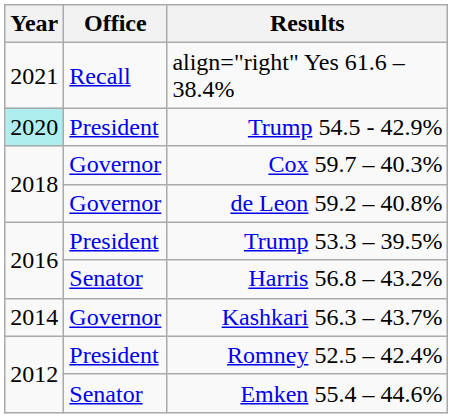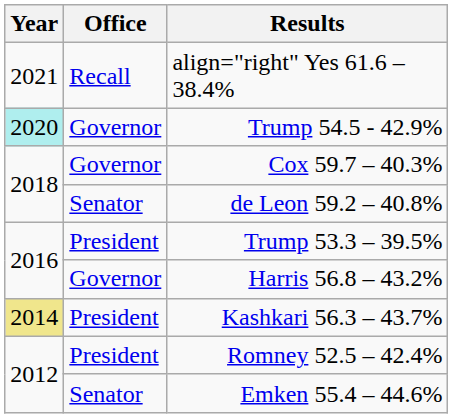 <table class=wikitable>
 <tr>
 <th width="30">Year</th>
 <th width="60">Office</th>
 <th width="180">Results</th>
 </tr>
 <tr>
 <td>2021</td>
 <td><a href='#'>Recall</a></td>
 <td>align="right"  Yes 61.6 – 38.4%</td>
 </tr>
 <tr>
 <td rowspan="1" style="background: paleturquoise;">2020</td>
-<td><a href='#'>President</a></td>
+<td><a href='#'>Governor</a></td>
 <td align="right" ><a href='#'>Trump</a> 54.5 - 42.9%</td>
 </tr>
 <tr>
 <td rowspan="2">2018</td>
 <td><a href='#'>Governor</a></td>
 <td align="right" ><a href='#'>Cox</a> 59.7 – 40.3%</td>
 </tr>
 <tr>
-<td><a href='#'>Governor</a></td>
+<td><a href='#'>Senator</a></td>
 <td align="right" ><a href='#'>de Leon</a> 59.2 – 40.8%</td>
 </tr>
 <tr>
 <td rowspan="2">2016</td>
 <td><a href='#'>President</a></td>
 <td align="right" ><a href='#'>Trump</a> 53.3 – 39.5%</td>
 </tr>
 <tr>
-<td><a href='#'>Senator</a></td>
+<td><a href='#'>Governor</a></td>
 <td align="right" ><a href='#'>Harris</a> 56.8 – 43.2%</td>
 </tr>
 <tr>
-<td>2014</td>
-<td><a href='#'>Governor</a></td>
+<td style="background: khaki;">2014</td>
+<td><a href='#'>President</a></td>
 <td align="right" ><a href='#'>Kashkari</a> 56.3 – 43.7%</td>
 </tr>
 <tr>
 <td rowspan="2">2012</td>
 <td><a href='#'>President</a></td>
 <td align="right" ><a href='#'>Romney</a> 52.5 – 42.4%</td>
 </tr>
 <tr>
 <td><a href='#'>Senator</a></td>
 <td align="right" ><a href='#'>Emken</a> 55.4 – 44.6%</td>
 </tr>
 </table>
